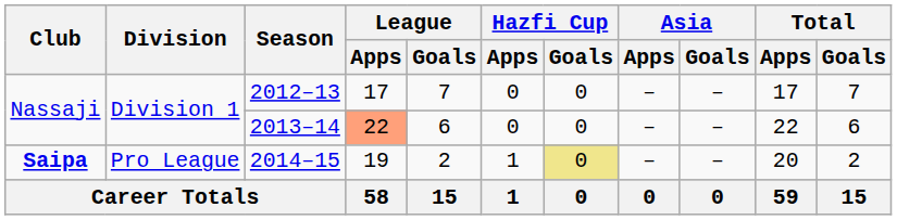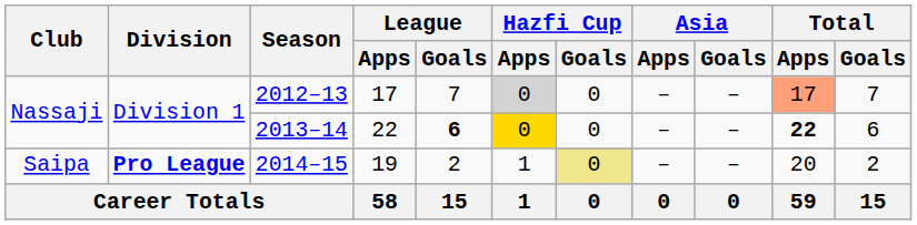 <table class="wikitable" style="text-align: center;">
 <tr>
 <th rowspan="2">Club</th>
 <th rowspan="2">Division</th>
 <th rowspan="2">Season</th>
 <th colspan="2">League</th>
 <th colspan="2"><a href='#'>Hazfi Cup</a></th>
 <th colspan="2"><a href='#'>Asia</a></th>
 <th colspan="2">Total</th>
 </tr>
 <tr>
 <th>Apps</th>
 <th>Goals</th>
 <th>Apps</th>
 <th>Goals</th>
 <th>Apps</th>
 <th>Goals</th>
 <th>Apps</th>
 <th>Goals</th>
 </tr>
 <tr>
 <td rowspan="2"><a href='#'>Nassaji</a></td>
 <td rowspan="2"><a href='#'>Division 1</a></td>
 <td><a href='#'>2012–13</a></td>
 <td>17</td>
 <td>7</td>
-<td>0</td>
+<td style="background: lightgrey;">0</td>
 <td>0</td>
 <td>–</td>
 <td>–</td>
-<td>17</td>
+<td style="background: lightsalmon;">17</td>
 <td>7</td>
 </tr>
 <tr>
 <td><a href='#'>2013–14</a></td>
-<td style="background: lightsalmon;">22</td>
-<td>6</td>
-<td>0</td>
+<td>22</td>
+<td><strong>6</strong></td>
+<td style="background: gold;">0</td>
 <td>0</td>
 <td>–</td>
 <td>–</td>
-<td>22</td>
+<td><strong>22</strong></td>
 <td>6</td>
 </tr>
 <tr>
-<td><strong><a href='#'>Saipa</a></strong></td>
-<td><a href='#'>Pro League</a></td>
+<td><a href='#'>Saipa</a></td>
+<td><strong><a href='#'>Pro League</a></strong></td>
 <td><a href='#'>2014–15</a></td>
 <td>19</td>
 <td>2</td>
 <td>1</td>
 <td style="background: khaki;">0</td>
 <td>–</td>
 <td>–</td>
 <td>20</td>
 <td>2</td>
 </tr>
 <tr>
 <th colspan=3>Career Totals</th>
 <th>58</th>
 <th>15</th>
 <th>1</th>
 <th>0</th>
 <th>0</th>
 <th>0</th>
 <th>59</th>
 <th>15</th>
 </tr>
 </table>
